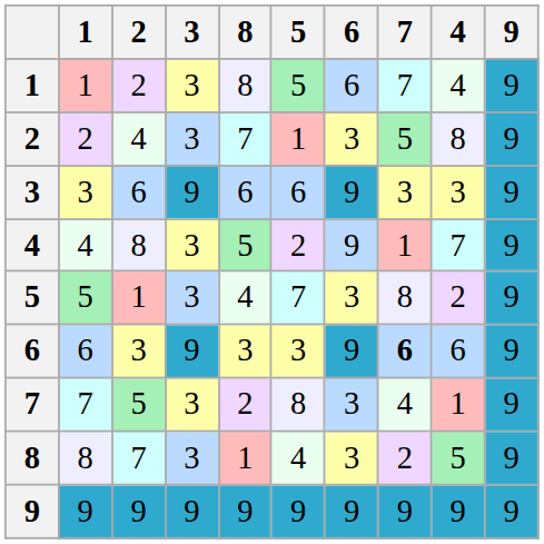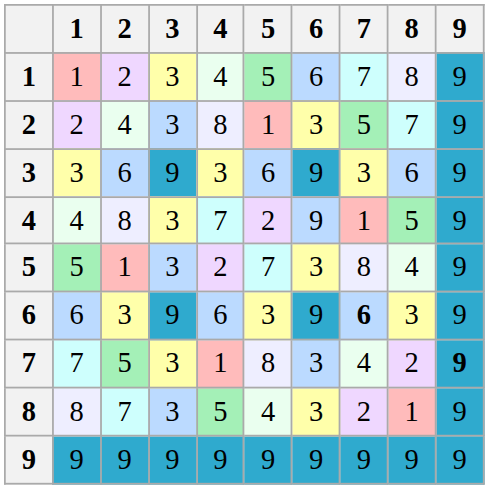 <table class="wikitable" style="text-align:center; width:270px; height:270px" border="1">
 <tr>
 <th></th>
 <th>1</th>
 <th>2</th>
 <th>3</th>
-<th>8</th>
+<th>4</th>
 <th>5</th>
 <th>6</th>
 <th>7</th>
-<th>4</th>
+<th>8</th>
 <th>9</th>
 </tr>
 <tr>
 <th>1</th>
 <td style="background-color:#fbb">1</td>
 <td style="background-color:#EFD7FF">2</td>
 <td style="background-color:#ffa">3</td>
-<td style="background-color:#EEEEFF">8</td>
+<td style="background-color:#EAFFEF">4</td>
 <td style="background-color:#A4F0B7">5</td>
 <td style="background-color:#BBDAFF">6</td>
 <td style="background-color:#CEFFFD">7</td>
-<td style="background-color:#EAFFEF">4</td>
+<td style="background-color:#EEEEFF">8</td>
 <td style="background-color:#2FAACE">9</td>
 </tr>
 <tr>
 <th>2</th>
 <td style="background-color:#EFD7FF">2</td>
 <td style="background-color:#EAFFEF">4</td>
 <td style="background-color:#BBDAFF">3</td>
-<td style="background-color:#CEFFFD">7</td>
+<td style="background-color:#EEEEFF">8</td>
 <td style="background-color:#fbb">1</td>
 <td style="background-color:#ffa">3</td>
 <td style="background-color:#A4F0B7">5</td>
-<td style="background-color:#EEEEFF">8</td>
+<td style="background-color:#CEFFFD">7</td>
 <td style="background-color:#2FAACE">9</td>
 </tr>
 <tr>
 <th>3</th>
 <td style="background-color:#ffa">3</td>
 <td style="background-color:#BBDAFF">6</td>
 <td style="background-color:#2FAACE">9</td>
-<td style="background-color:#BBDAFF">6</td>
+<td style="background-color:#ffa">3</td>
 <td style="background-color:#BBDAFF">6</td>
 <td style="background-color:#2FAACE">9</td>
 <td style="background-color:#ffa">3</td>
-<td style="background-color:#ffa">3</td>
+<td style="background-color:#BBDAFF">6</td>
 <td style="background-color:#2FAACE">9</td>
 </tr>
 <tr>
 <th>4</th>
 <td style="background-color:#EAFFEF">4</td>
 <td style="background-color:#EEEEFF">8</td>
 <td style="background-color:#ffa">3</td>
-<td style="background-color:#A4F0B7">5</td>
+<td style="background-color:#CEFFFD">7</td>
 <td style="background-color:#EFD7FF">2</td>
 <td style="background-color:#BBDAFF">9</td>
 <td style="background-color:#fbb">1</td>
-<td style="background-color:#CEFFFD">7</td>
+<td style="background-color:#A4F0B7">5</td>
 <td style="background-color:#2FAACE">9</td>
 </tr>
 <tr>
 <th>5</th>
 <td style="background-color:#A4F0B7">5</td>
 <td style="background-color:#fbb">1</td>
 <td style="background-color:#BBDAFF">3</td>
-<td style="background-color:#EAFFEF">4</td>
+<td style="background-color:#EFD7FF">2</td>
 <td style="background-color:#CEFFFD">7</td>
 <td style="background-color:#ffa">3</td>
 <td style="background-color:#EEEEFF">8</td>
-<td style="background-color:#EFD7FF">2</td>
+<td style="background-color:#EAFFEF">4</td>
 <td style="background-color:#2FAACE">9</td>
 </tr>
 <tr>
 <th>6</th>
 <td style="background-color:#BBDAFF">6</td>
 <td style="background-color:#ffa">3</td>
 <td style="background-color:#2FAACE">9</td>
-<td style="background-color:#ffa">3</td>
+<td style="background-color:#BBDAFF">6</td>
 <td style="background-color:#ffa">3</td>
 <td style="background-color:#2FAACE">9</td>
 <td style="background-color:#BBDAFF"><strong>6</strong></td>
-<td style="background-color:#BBDAFF">6</td>
+<td style="background-color:#ffa">3</td>
 <td style="background-color:#2FAACE">9</td>
 </tr>
 <tr>
 <th>7</th>
 <td style="background-color:#CEFFFD">7</td>
 <td style="background-color:#A4F0B7">5</td>
 <td style="background-color:#ffa">3</td>
-<td style="background-color:#EFD7FF">2</td>
+<td style="background-color:#fbb">1</td>
 <td style="background-color:#EEEEFF">8</td>
 <td style="background-color:#BBDAFF">3</td>
 <td style="background-color:#EAFFEF">4</td>
-<td style="background-color:#fbb">1</td>
-<td style="background-color:#2FAACE">9</td>
+<td style="background-color:#EFD7FF">2</td>
+<td style="background-color:#2FAACE"><strong>9</strong></td>
 </tr>
 <tr>
 <th>8</th>
 <td style="background-color:#EEEEFF">8</td>
 <td style="background-color:#CEFFFD">7</td>
 <td style="background-color:#BBDAFF">3</td>
-<td style="background-color:#fbb">1</td>
+<td style="background-color:#A4F0B7">5</td>
 <td style="background-color:#EAFFEF">4</td>
 <td style="background-color:#ffa">3</td>
 <td style="background-color:#EFD7FF">2</td>
-<td style="background-color:#A4F0B7">5</td>
+<td style="background-color:#fbb">1</td>
 <td style="background-color:#2FAACE">9</td>
 </tr>
 <tr>
 <th>9</th>
 <td style="background-color:#2FAACE">9</td>
 <td style="background-color:#2FAACE">9</td>
 <td style="background-color:#2FAACE">9</td>
 <td style="background-color:#2FAACE">9</td>
 <td style="background-color:#2FAACE">9</td>
 <td style="background-color:#2FAACE">9</td>
 <td style="background-color:#2FAACE">9</td>
 <td style="background-color:#2FAACE">9</td>
 <td style="background-color:#2FAACE">9</td>
 </tr>
 </table>
